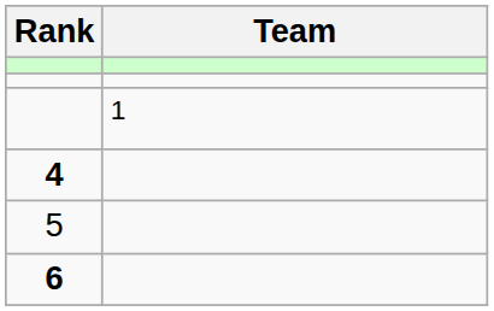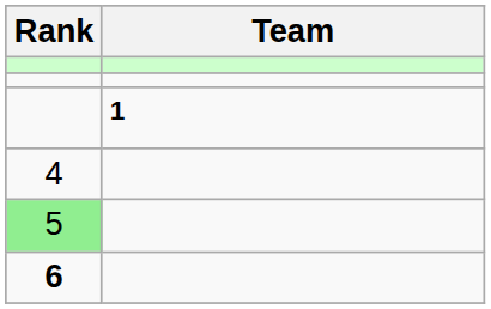 <table class="wikitable" style="text-align: center;">
 <tr>
 <th width=40>Rank</th>
 <th width=180>Team</th>
 </tr>
 <tr bgcolor=#ccffcc>
 <td></td>
 <td align=left></td>
 </tr>
 <tr>
 <td></td>
 <td align=left></td>
 </tr>
 <tr>
 <td></td>
-<td align=left><sup>1</sup></td>
+<td align=left><strong><sup>1</sup></strong></td>
 </tr>
 <tr>
-<td><strong>4</strong></td>
+<td>4</td>
 <td align=left></td>
 </tr>
 <tr>
-<td>5</td>
+<td style="background: lightgreen;">5</td>
 <td align=left></td>
 </tr>
 <tr>
 <td><strong>6</strong></td>
 <td align=left></td>
 </tr>
 </table>
